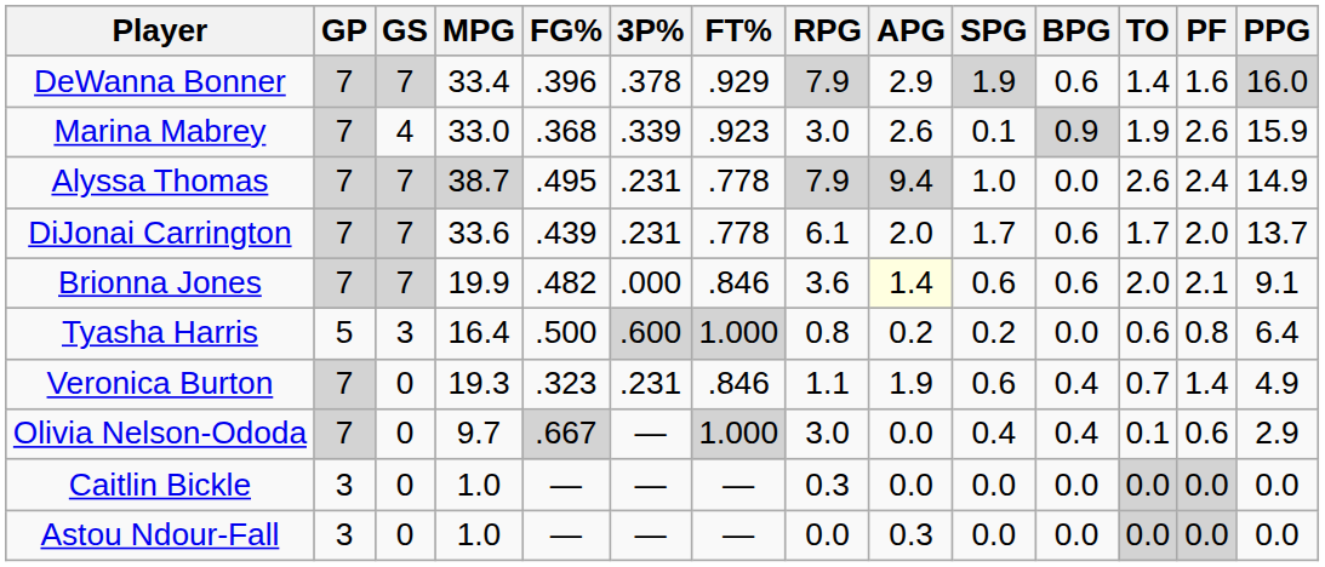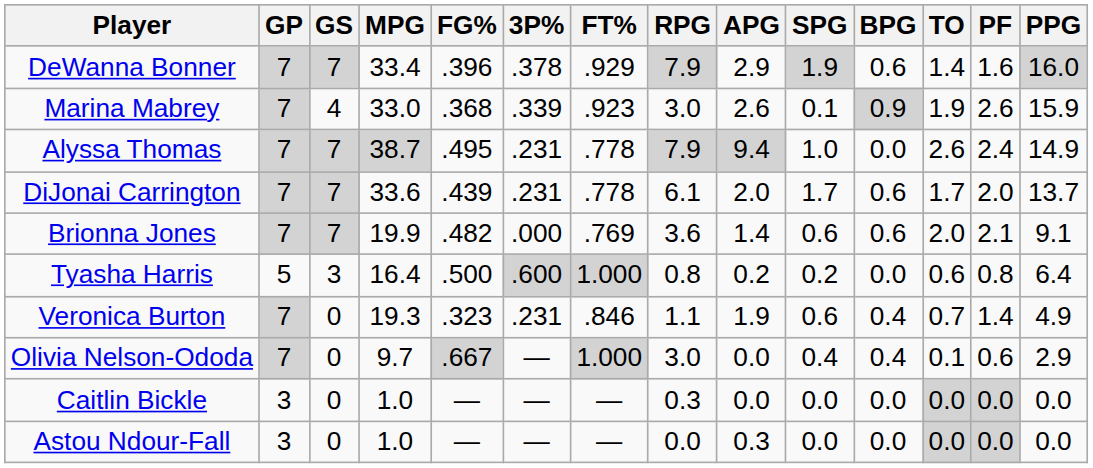 <table class="wikitable sortable" style="text-align:center;">
 <tr>
 <th>Player</th>
 <th>GP</th>
 <th>GS</th>
 <th>MPG</th>
 <th>FG%</th>
 <th>3P%</th>
 <th>FT%</th>
 <th>RPG</th>
 <th>APG</th>
 <th>SPG</th>
 <th>BPG</th>
 <th>TO</th>
 <th>PF</th>
 <th>PPG</th>
 </tr>
 <tr>
 <td><a href='#'>DeWanna Bonner</a></td>
 <td style="background:#D3D3D3;">7</td>
 <td style="background:#D3D3D3;">7</td>
 <td>33.4</td>
 <td>.396</td>
 <td>.378</td>
 <td>.929</td>
 <td style="background:#D3D3D3;">7.9</td>
 <td>2.9</td>
 <td style="background:#D3D3D3;">1.9</td>
 <td>0.6</td>
 <td>1.4</td>
 <td>1.6</td>
 <td style="background:#D3D3D3;">16.0</td>
 </tr>
 <tr>
 <td><a href='#'>Marina Mabrey</a></td>
 <td style="background:#D3D3D3;">7</td>
 <td>4</td>
 <td>33.0</td>
 <td>.368</td>
 <td>.339</td>
 <td>.923</td>
 <td>3.0</td>
 <td>2.6</td>
 <td>0.1</td>
 <td style="background:#D3D3D3;">0.9</td>
 <td>1.9</td>
 <td>2.6</td>
 <td>15.9</td>
 </tr>
 <tr>
 <td><a href='#'>Alyssa Thomas</a></td>
 <td style="background:#D3D3D3;">7</td>
 <td style="background:#D3D3D3;">7</td>
 <td style="background:#D3D3D3;">38.7</td>
 <td>.495</td>
 <td>.231</td>
 <td>.778</td>
 <td style="background:#D3D3D3;">7.9</td>
 <td style="background:#D3D3D3;">9.4</td>
 <td>1.0</td>
 <td>0.0</td>
 <td>2.6</td>
 <td>2.4</td>
 <td>14.9</td>
 </tr>
 <tr>
 <td><a href='#'>DiJonai Carrington</a></td>
 <td style="background:#D3D3D3;">7</td>
 <td style="background:#D3D3D3;">7</td>
 <td>33.6</td>
 <td>.439</td>
 <td>.231</td>
 <td>.778</td>
 <td>6.1</td>
 <td>2.0</td>
 <td>1.7</td>
 <td>0.6</td>
 <td>1.7</td>
 <td>2.0</td>
 <td>13.7</td>
 </tr>
 <tr>
 <td><a href='#'>Brionna Jones</a></td>
 <td style="background:#D3D3D3;">7</td>
 <td style="background:#D3D3D3;">7</td>
 <td>19.9</td>
 <td>.482</td>
 <td>.000</td>
-<td>.846</td>
+<td>.769</td>
 <td>3.6</td>
-<td style="background: lightyellow;">1.4</td>
+<td>1.4</td>
 <td>0.6</td>
 <td>0.6</td>
 <td>2.0</td>
 <td>2.1</td>
 <td>9.1</td>
 </tr>
 <tr>
 <td><a href='#'>Tyasha Harris</a></td>
 <td>5</td>
 <td>3</td>
 <td>16.4</td>
 <td>.500</td>
 <td style="background:#D3D3D3;">.600</td>
 <td style="background:#D3D3D3;">1.000</td>
 <td>0.8</td>
 <td>0.2</td>
 <td>0.2</td>
 <td>0.0</td>
 <td>0.6</td>
 <td>0.8</td>
 <td>6.4</td>
 </tr>
 <tr>
 <td><a href='#'>Veronica Burton</a></td>
 <td style="background:#D3D3D3;">7</td>
 <td>0</td>
 <td>19.3</td>
 <td>.323</td>
 <td>.231</td>
 <td>.846</td>
 <td>1.1</td>
 <td>1.9</td>
 <td>0.6</td>
 <td>0.4</td>
 <td>0.7</td>
 <td>1.4</td>
 <td>4.9</td>
 </tr>
 <tr>
 <td><a href='#'>Olivia Nelson-Ododa</a></td>
 <td style="background:#D3D3D3;">7</td>
 <td>0</td>
 <td>9.7</td>
 <td style="background:#D3D3D3;">.667</td>
 <td>—</td>
 <td style="background:#D3D3D3;">1.000</td>
 <td>3.0</td>
 <td>0.0</td>
 <td>0.4</td>
 <td>0.4</td>
 <td>0.1</td>
 <td>0.6</td>
 <td>2.9</td>
 </tr>
 <tr>
 <td><a href='#'>Caitlin Bickle</a></td>
 <td>3</td>
 <td>0</td>
 <td>1.0</td>
 <td>—</td>
 <td>—</td>
 <td>—</td>
 <td>0.3</td>
 <td>0.0</td>
 <td>0.0</td>
 <td>0.0</td>
 <td style="background:#D3D3D3;">0.0</td>
 <td style="background:#D3D3D3;">0.0</td>
 <td>0.0</td>
 </tr>
 <tr>
 <td><a href='#'>Astou Ndour-Fall</a></td>
 <td>3</td>
 <td>0</td>
 <td>1.0</td>
 <td>—</td>
 <td>—</td>
 <td>—</td>
 <td>0.0</td>
 <td>0.3</td>
 <td>0.0</td>
 <td>0.0</td>
 <td style="background:#D3D3D3;">0.0</td>
 <td style="background:#D3D3D3;">0.0</td>
 <td>0.0</td>
 </tr>
 </table>
